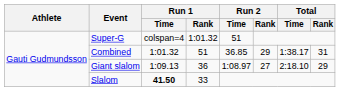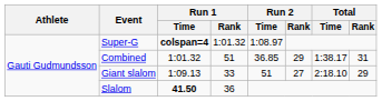 <table class="wikitable" style="font-size:90%">
 <tr>
 <th rowspan=2>Athlete</th>
 <th rowspan=2>Event</th>
 <th colspan=2>Run 1</th>
 <th colspan=2>Run 2</th>
 <th colspan=2>Total</th>
 </tr>
 <tr style="font-size:95%">
 <th>Time</th>
 <th>Rank</th>
 <th>Time</th>
 <th>Rank</th>
 <th>Time</th>
 <th>Rank</th>
 </tr>
 <tr align=center>
 <td align="left" rowspan="4"><a href='#'>Gauti Gudmundsson</a></td>
 <td align="left"><a href='#'>Super-G</a></td>
-<td>colspan=4</td>
+<td><strong>colspan=4</strong></td>
 <td>1:01.32</td>
-<td>51</td>
+<td>1:08.97</td>
 </tr>
 <tr align=center>
 <td align="left"><a href='#'>Combined</a></td>
 <td>1:01.32</td>
 <td>51</td>
 <td>36.85</td>
 <td>29</td>
 <td>1:38.17</td>
 <td>31</td>
 </tr>
 <tr align=center>
 <td align="left"><a href='#'>Giant slalom</a></td>
 <td>1:09.13</td>
-<td>36</td>
-<td>1:08.97</td>
+<td>33</td>
+<td>51</td>
 <td>27</td>
 <td>2:18.10</td>
 <td>29</td>
 </tr>
 <tr align=center>
 <td align="left"><a href='#'>Slalom</a></td>
 <td><strong>41.50</strong></td>
-<td>33</td>
+<td>36</td>
 <td colspan=4></td>
 </tr>
 </table>
